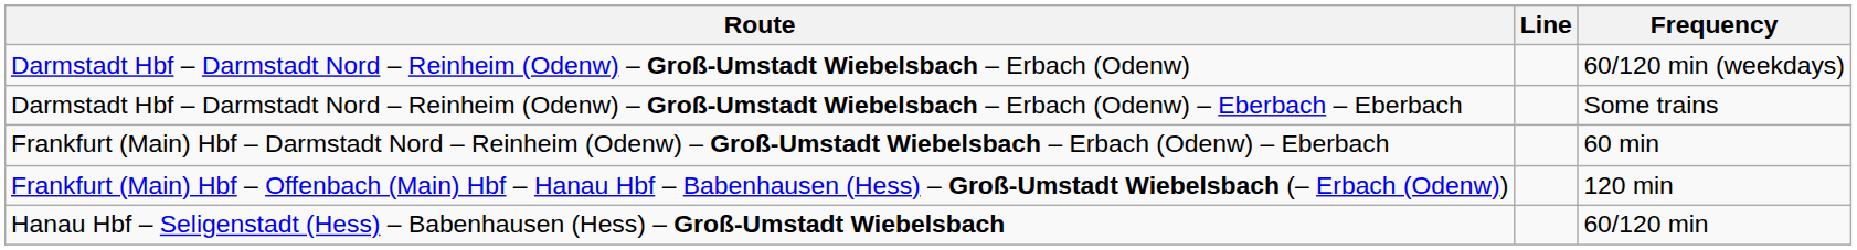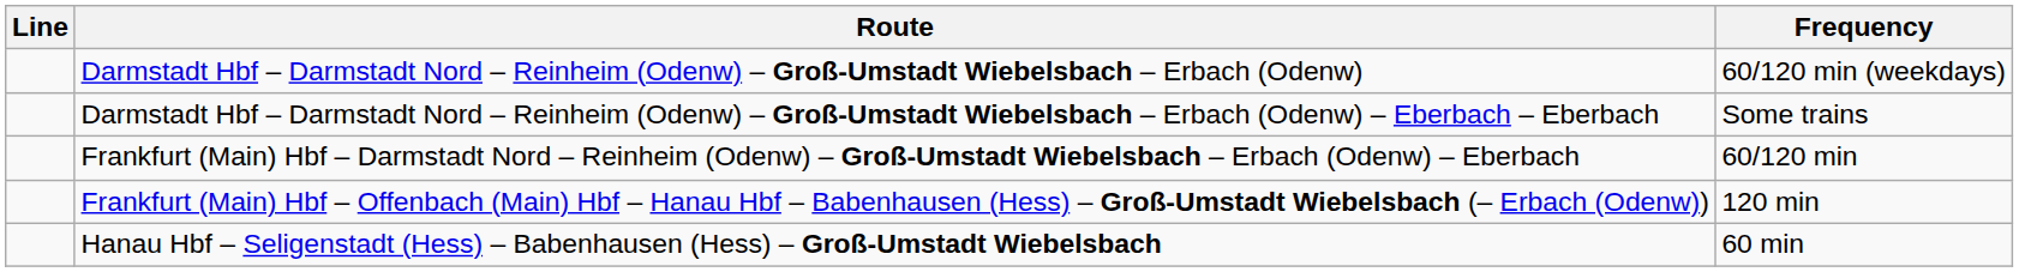 <table class="wikitable">
 <tr>
+<th>Line</th>
 <th>Route</th>
-<th>Line</th>
 <th>Frequency</th>
 </tr>
 <tr>
+<td></td>
 <td><a href='#'>Darmstadt Hbf</a> – <a href='#'>Darmstadt Nord</a> – <a href='#'>Reinheim (Odenw)</a> – <strong>Groß-Umstadt Wiebelsbach</strong> – Erbach (Odenw)</td>
-<td></td>
 <td>60/120 min (weekdays)</td>
 </tr>
 <tr>
+<td></td>
 <td>Darmstadt Hbf – Darmstadt Nord – Reinheim (Odenw) – <strong>Groß-Umstadt Wiebelsbach</strong> – Erbach (Odenw) – <a href='#'>Eberbach</a> – Eberbach</td>
-<td></td>
 <td>Some trains</td>
 </tr>
 <tr>
+<td></td>
 <td>Frankfurt (Main) Hbf – Darmstadt Nord – Reinheim (Odenw) – <strong>Groß-Umstadt Wiebelsbach</strong> – Erbach (Odenw) – Eberbach</td>
-<td></td>
-<td>60 min</td>
+<td>60/120 min</td>
 </tr>
 <tr>
+<td></td>
 <td><a href='#'>Frankfurt (Main) Hbf</a> – <a href='#'>Offenbach (Main) Hbf</a> – <a href='#'>Hanau Hbf</a> – <a href='#'>Babenhausen (Hess)</a> – <strong>Groß-Umstadt Wiebelsbach</strong> (– <a href='#'>Erbach (Odenw)</a>)</td>
-<td></td>
 <td>120 min</td>
 </tr>
 <tr>
+<td></td>
 <td>Hanau Hbf – <a href='#'>Seligenstadt (Hess)</a> – Babenhausen (Hess) – <strong>Groß-Umstadt Wiebelsbach</strong></td>
-<td></td>
-<td>60/120 min</td>
+<td>60 min</td>
 </tr>
 </table>
